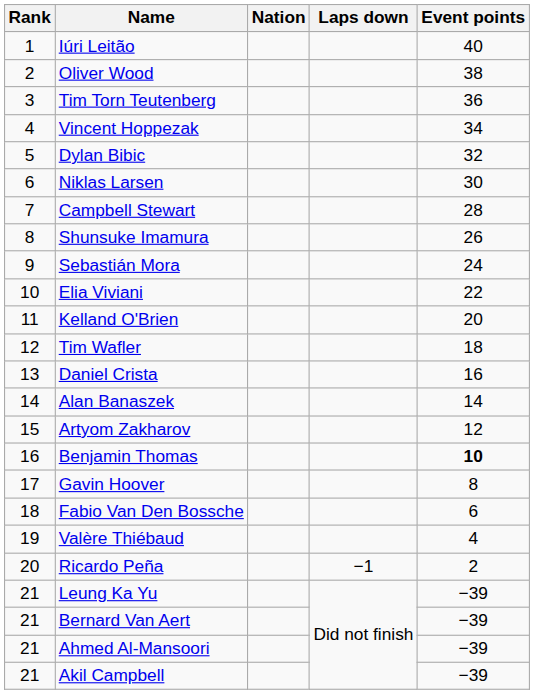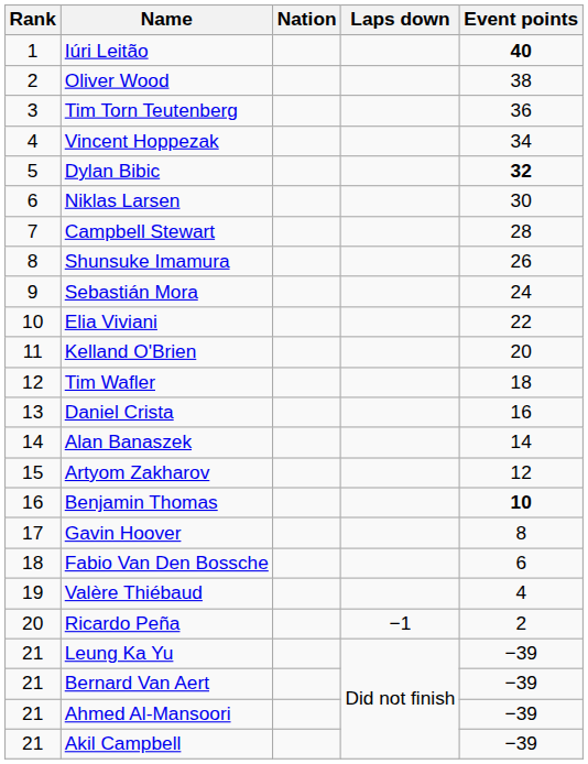 <table class="wikitable sortable" style="text-align:center">
 <tr>
 <th>Rank</th>
 <th>Name</th>
 <th>Nation</th>
 <th>Laps down</th>
 <th>Event points</th>
 </tr>
 <tr>
 <td>1</td>
 <td align=left><a href='#'>Iúri Leitão</a></td>
 <td align=left></td>
 <td></td>
-<td>40</td>
+<td><strong>40</strong></td>
 </tr>
 <tr>
 <td>2</td>
 <td align=left><a href='#'>Oliver Wood</a></td>
 <td align=left></td>
 <td></td>
 <td>38</td>
 </tr>
 <tr>
 <td>3</td>
 <td align=left><a href='#'>Tim Torn Teutenberg</a></td>
 <td align=left></td>
 <td></td>
 <td>36</td>
 </tr>
 <tr>
 <td>4</td>
 <td align=left><a href='#'>Vincent Hoppezak</a></td>
 <td align=left></td>
 <td></td>
 <td>34</td>
 </tr>
 <tr>
 <td>5</td>
 <td align=left><a href='#'>Dylan Bibic</a></td>
 <td align=left></td>
 <td></td>
-<td>32</td>
+<td><strong>32</strong></td>
 </tr>
 <tr>
 <td>6</td>
 <td align=left><a href='#'>Niklas Larsen</a></td>
 <td align=left></td>
 <td></td>
 <td>30</td>
 </tr>
 <tr>
 <td>7</td>
 <td align=left><a href='#'>Campbell Stewart</a></td>
 <td align=left></td>
 <td></td>
 <td>28</td>
 </tr>
 <tr>
 <td>8</td>
 <td align=left><a href='#'>Shunsuke Imamura</a></td>
 <td align=left></td>
 <td></td>
 <td>26</td>
 </tr>
 <tr>
 <td>9</td>
 <td align=left><a href='#'>Sebastián Mora</a></td>
 <td align=left></td>
 <td></td>
 <td>24</td>
 </tr>
 <tr>
 <td>10</td>
 <td align=left><a href='#'>Elia Viviani</a></td>
 <td align=left></td>
 <td></td>
 <td>22</td>
 </tr>
 <tr>
 <td>11</td>
 <td align=left><a href='#'>Kelland O'Brien</a></td>
 <td align=left></td>
 <td></td>
 <td>20</td>
 </tr>
 <tr>
 <td>12</td>
 <td align=left><a href='#'>Tim Wafler</a></td>
 <td align=left></td>
 <td></td>
 <td>18</td>
 </tr>
 <tr>
 <td>13</td>
 <td align=left><a href='#'>Daniel Crista</a></td>
 <td align=left></td>
 <td></td>
 <td>16</td>
 </tr>
 <tr>
 <td>14</td>
 <td align=left><a href='#'>Alan Banaszek</a></td>
 <td align=left></td>
 <td></td>
 <td>14</td>
 </tr>
 <tr>
 <td>15</td>
 <td align=left><a href='#'>Artyom Zakharov</a></td>
 <td align=left></td>
 <td></td>
 <td>12</td>
 </tr>
 <tr>
 <td>16</td>
 <td align=left><a href='#'>Benjamin Thomas</a></td>
 <td align=left></td>
 <td></td>
 <td><strong>10</strong></td>
 </tr>
 <tr>
 <td>17</td>
 <td align=left><a href='#'>Gavin Hoover</a></td>
 <td align=left></td>
 <td></td>
 <td>8</td>
 </tr>
 <tr>
 <td>18</td>
 <td align=left><a href='#'>Fabio Van Den Bossche</a></td>
 <td align=left></td>
 <td></td>
 <td>6</td>
 </tr>
 <tr>
 <td>19</td>
 <td align=left><a href='#'>Valère Thiébaud</a></td>
 <td align=left></td>
 <td></td>
 <td>4</td>
 </tr>
 <tr>
 <td>20</td>
 <td align=left><a href='#'>Ricardo Peña</a></td>
 <td align=left></td>
 <td>−1</td>
 <td>2</td>
 </tr>
 <tr>
 <td>21</td>
 <td align=left><a href='#'>Leung Ka Yu</a></td>
 <td align=left></td>
 <td rowspan=4>Did not finish</td>
 <td>−39</td>
 </tr>
 <tr>
 <td>21</td>
 <td align=left><a href='#'>Bernard Van Aert</a></td>
 <td align=left></td>
 <td>−39</td>
 </tr>
 <tr>
 <td>21</td>
 <td align=left><a href='#'>Ahmed Al-Mansoori</a></td>
 <td align=left></td>
 <td>−39</td>
 </tr>
 <tr>
 <td>21</td>
 <td align=left><a href='#'>Akil Campbell</a></td>
 <td align=left></td>
 <td>−39</td>
 </tr>
 </table>
